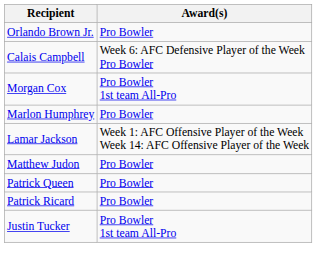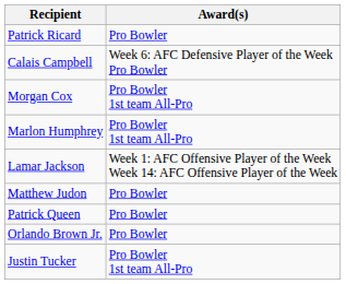 <table class="wikitable">
 <tr>
 <th>Recipient</th>
 <th>Award(s)</th>
 </tr>
 <tr>
-<td><a href='#'>Orlando Brown Jr.</a></td>
+<td><a href='#'>Patrick Ricard</a></td>
 <td><a href='#'>Pro Bowler</a></td>
 </tr>
 <tr>
 <td><a href='#'>Calais Campbell</a></td>
 <td>Week 6: AFC Defensive Player of the Week<br><a href='#'>Pro Bowler</a></td>
 </tr>
 <tr>
 <td><a href='#'>Morgan Cox</a></td>
 <td><a href='#'>Pro Bowler</a><br><a href='#'>1st team All-Pro</a></td>
 </tr>
 <tr>
 <td><a href='#'>Marlon Humphrey</a></td>
-<td><a href='#'>Pro Bowler</a></td>
+<td><a href='#'>Pro Bowler</a><br><a href='#'>1st team All-Pro</a></td>
 </tr>
 <tr>
 <td><a href='#'>Lamar Jackson</a></td>
 <td>Week 1: AFC Offensive Player of the Week<br>Week 14: AFC Offensive Player of the Week</td>
 </tr>
 <tr>
 <td><a href='#'>Matthew Judon</a></td>
 <td><a href='#'>Pro Bowler</a></td>
 </tr>
 <tr>
 <td><a href='#'>Patrick Queen</a></td>
 <td><a href='#'>Pro Bowler</a></td>
 </tr>
 <tr>
-<td><a href='#'>Patrick Ricard</a></td>
+<td><a href='#'>Orlando Brown Jr.</a></td>
 <td><a href='#'>Pro Bowler</a></td>
 </tr>
 <tr>
 <td><a href='#'>Justin Tucker</a></td>
 <td><a href='#'>Pro Bowler</a><br><a href='#'>1st team All-Pro</a></td>
 </tr>
 </table>
